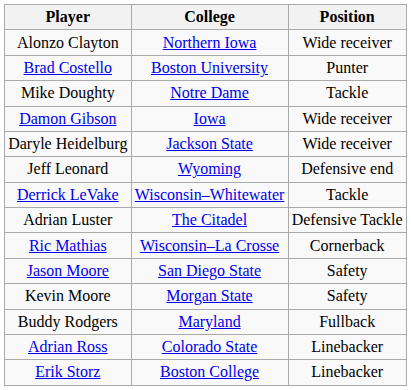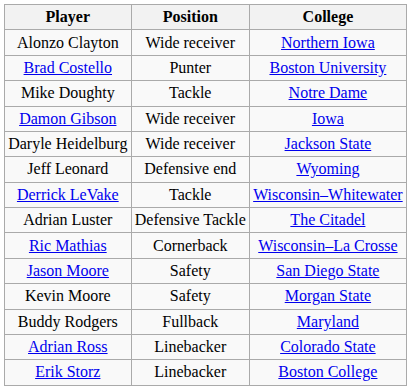 <table class="wikitable" style="text-align:center;">
 <tr>
 <th>Player</th>
+<th>Position</th>
 <th>College</th>
-<th>Position</th>
 </tr>
 <tr>
 <td>Alonzo Clayton</td>
+<td>Wide receiver</td>
 <td><a href='#'>Northern Iowa</a></td>
-<td>Wide receiver</td>
 </tr>
 <tr>
 <td><a href='#'>Brad Costello</a></td>
+<td>Punter</td>
 <td><a href='#'>Boston University</a></td>
-<td>Punter</td>
 </tr>
 <tr>
 <td>Mike Doughty</td>
+<td>Tackle</td>
 <td><a href='#'>Notre Dame</a></td>
-<td>Tackle</td>
 </tr>
 <tr>
 <td><a href='#'>Damon Gibson</a></td>
+<td>Wide receiver</td>
 <td><a href='#'>Iowa</a></td>
-<td>Wide receiver</td>
 </tr>
 <tr>
 <td>Daryle Heidelburg</td>
+<td>Wide receiver</td>
 <td><a href='#'>Jackson State</a></td>
-<td>Wide receiver</td>
 </tr>
 <tr>
 <td>Jeff Leonard</td>
+<td>Defensive end</td>
 <td><a href='#'>Wyoming</a></td>
-<td>Defensive end</td>
 </tr>
 <tr>
 <td><a href='#'>Derrick LeVake</a></td>
+<td>Tackle</td>
 <td><a href='#'>Wisconsin–Whitewater</a></td>
-<td>Tackle</td>
 </tr>
 <tr>
 <td>Adrian Luster</td>
+<td>Defensive Tackle</td>
 <td><a href='#'>The Citadel</a></td>
-<td>Defensive Tackle</td>
 </tr>
 <tr>
 <td><a href='#'>Ric Mathias</a></td>
+<td>Cornerback</td>
 <td><a href='#'>Wisconsin–La Crosse</a></td>
-<td>Cornerback</td>
 </tr>
 <tr>
 <td><a href='#'>Jason Moore</a></td>
+<td>Safety</td>
 <td><a href='#'>San Diego State</a></td>
-<td>Safety</td>
 </tr>
 <tr>
 <td>Kevin Moore</td>
+<td>Safety</td>
 <td><a href='#'>Morgan State</a></td>
-<td>Safety</td>
 </tr>
 <tr>
 <td>Buddy Rodgers</td>
+<td>Fullback</td>
 <td><a href='#'>Maryland</a></td>
-<td>Fullback</td>
 </tr>
 <tr>
 <td><a href='#'>Adrian Ross</a></td>
+<td>Linebacker</td>
 <td><a href='#'>Colorado State</a></td>
-<td>Linebacker</td>
 </tr>
 <tr>
 <td><a href='#'>Erik Storz</a></td>
+<td>Linebacker</td>
 <td><a href='#'>Boston College</a></td>
-<td>Linebacker</td>
 </tr>
 </table>
